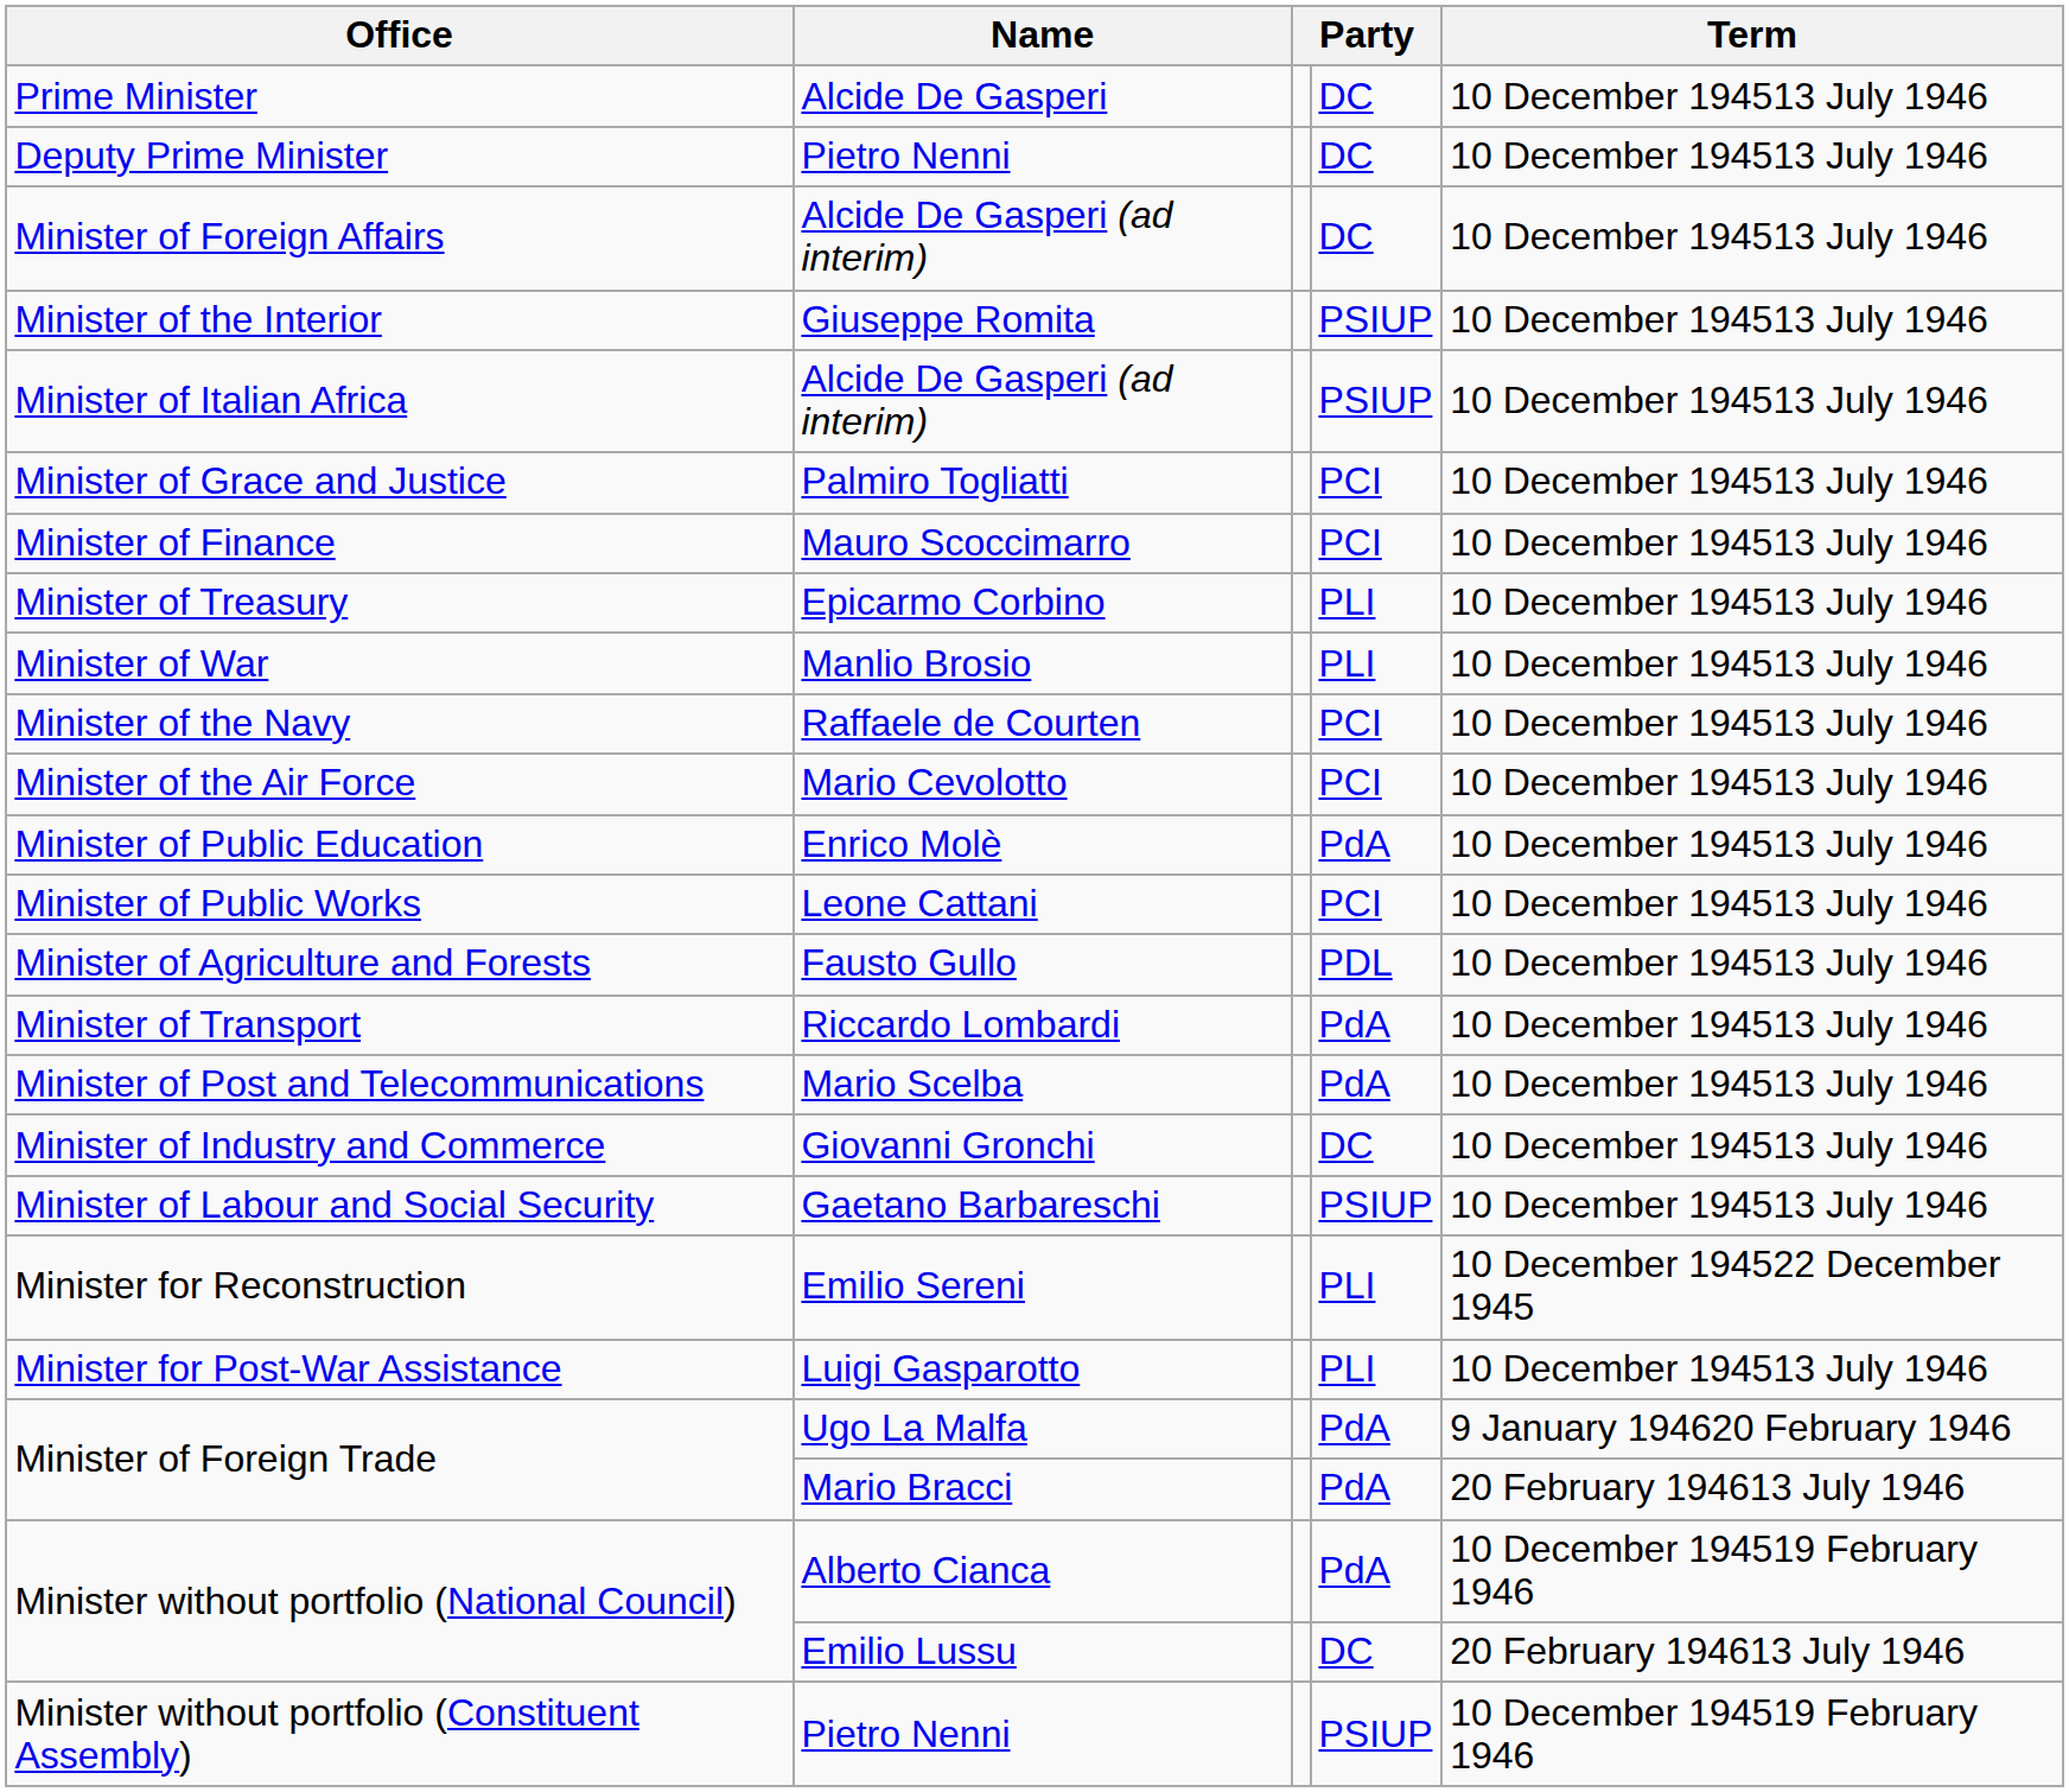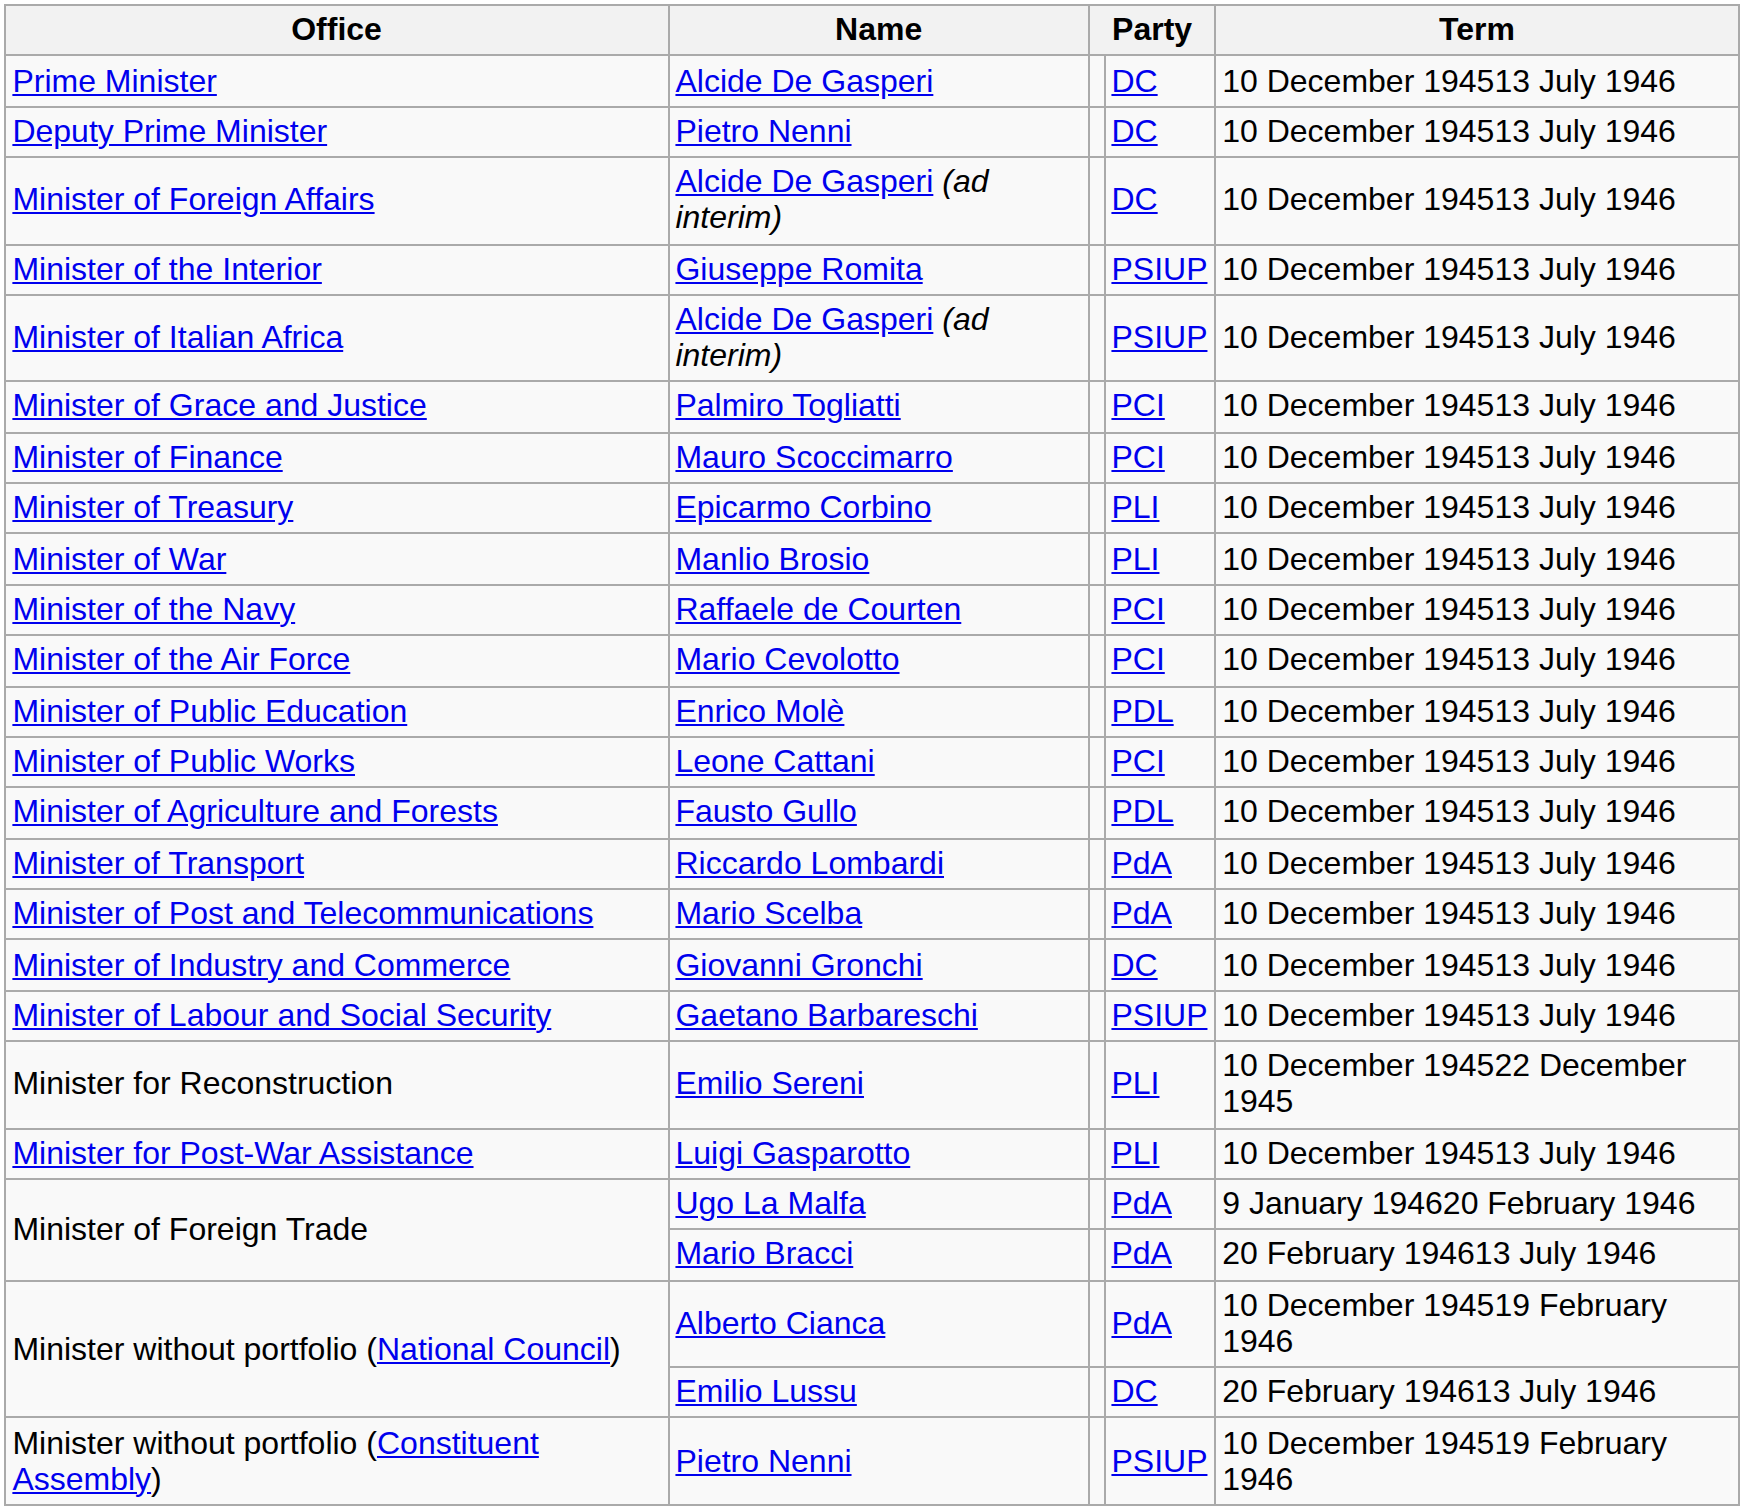 <table class="wikitable">
 <tr>
 <th>Office</th>
 <th>Name</th>
 <th colspan=2>Party</th>
 <th>Term</th>
 </tr>
 <tr>
 <td><a href='#'>Prime Minister</a></td>
 <td><a href='#'>Alcide De Gasperi</a></td>
 <td></td>
 <td><a href='#'>DC</a></td>
 <td>10 December 194513 July 1946</td>
 </tr>
 <tr>
 <td><a href='#'>Deputy Prime Minister</a></td>
 <td><a href='#'>Pietro Nenni</a></td>
 <td></td>
 <td><a href='#'>DC</a></td>
 <td>10 December 194513 July 1946</td>
 </tr>
 <tr>
 <td><a href='#'>Minister of Foreign Affairs</a></td>
 <td><a href='#'>Alcide De Gasperi</a> <em>(ad interim)</em></td>
 <td></td>
 <td><a href='#'>DC</a></td>
 <td>10 December 194513 July 1946</td>
 </tr>
 <tr>
 <td><a href='#'>Minister of the Interior</a></td>
 <td><a href='#'>Giuseppe Romita</a></td>
 <td></td>
 <td><a href='#'>PSIUP</a></td>
 <td>10 December 194513 July 1946</td>
 </tr>
 <tr>
 <td><a href='#'>Minister of Italian Africa</a></td>
 <td><a href='#'>Alcide De Gasperi</a> <em>(ad interim)</em></td>
 <td></td>
 <td><a href='#'>PSIUP</a></td>
 <td>10 December 194513 July 1946</td>
 </tr>
 <tr>
 <td><a href='#'>Minister of Grace and Justice</a></td>
 <td><a href='#'>Palmiro Togliatti</a></td>
 <td></td>
 <td><a href='#'>PCI</a></td>
 <td>10 December 194513 July 1946</td>
 </tr>
 <tr>
 <td><a href='#'>Minister of Finance</a></td>
 <td><a href='#'>Mauro Scoccimarro</a></td>
 <td></td>
 <td><a href='#'>PCI</a></td>
 <td>10 December 194513 July 1946</td>
 </tr>
 <tr>
 <td><a href='#'>Minister of Treasury</a></td>
 <td><a href='#'>Epicarmo Corbino</a></td>
 <td></td>
 <td><a href='#'>PLI</a></td>
 <td>10 December 194513 July 1946</td>
 </tr>
 <tr>
 <td><a href='#'>Minister of War</a></td>
 <td><a href='#'>Manlio Brosio</a></td>
 <td></td>
 <td><a href='#'>PLI</a></td>
 <td>10 December 194513 July 1946</td>
 </tr>
 <tr>
 <td><a href='#'>Minister of the Navy</a></td>
 <td><a href='#'>Raffaele de Courten</a></td>
 <td style="color:inherit;background:"></td>
 <td><a href='#'>PCI</a></td>
 <td>10 December 194513 July 1946</td>
 </tr>
 <tr>
 <td><a href='#'>Minister of the Air Force</a></td>
 <td><a href='#'>Mario Cevolotto</a></td>
 <td></td>
 <td><a href='#'>PCI</a></td>
 <td>10 December 194513 July 1946</td>
 </tr>
 <tr>
 <td><a href='#'>Minister of Public Education</a></td>
 <td><a href='#'>Enrico Molè</a></td>
 <td></td>
-<td><a href='#'>PdA</a></td>
+<td><a href='#'>PDL</a></td>
 <td>10 December 194513 July 1946</td>
 </tr>
 <tr>
 <td><a href='#'>Minister of Public Works</a></td>
 <td><a href='#'>Leone Cattani</a></td>
 <td></td>
 <td><a href='#'>PCI</a></td>
 <td>10 December 194513 July 1946</td>
 </tr>
 <tr>
 <td><a href='#'>Minister of Agriculture and Forests</a></td>
 <td><a href='#'>Fausto Gullo</a></td>
 <td></td>
 <td><a href='#'>PDL</a></td>
 <td>10 December 194513 July 1946</td>
 </tr>
 <tr>
 <td><a href='#'>Minister of Transport</a></td>
 <td><a href='#'>Riccardo Lombardi</a></td>
 <td></td>
 <td><a href='#'>PdA</a></td>
 <td>10 December 194513 July 1946</td>
 </tr>
 <tr>
 <td><a href='#'>Minister of Post and Telecommunications</a></td>
 <td><a href='#'>Mario Scelba</a></td>
 <td></td>
 <td><a href='#'>PdA</a></td>
 <td>10 December 194513 July 1946</td>
 </tr>
 <tr>
 <td><a href='#'>Minister of Industry and Commerce</a></td>
 <td><a href='#'>Giovanni Gronchi</a></td>
 <td></td>
 <td><a href='#'>DC</a></td>
 <td>10 December 194513 July 1946</td>
 </tr>
 <tr>
 <td><a href='#'>Minister of Labour and Social Security</a></td>
 <td><a href='#'>Gaetano Barbareschi</a></td>
 <td></td>
 <td><a href='#'>PSIUP</a></td>
 <td>10 December 194513 July 1946</td>
 </tr>
 <tr>
 <td>Minister for Reconstruction</td>
 <td><a href='#'>Emilio Sereni</a></td>
 <td></td>
 <td><a href='#'>PLI</a></td>
 <td>10 December 194522 December 1945</td>
 </tr>
 <tr>
 <td><a href='#'>Minister for Post-War Assistance</a></td>
 <td><a href='#'>Luigi Gasparotto</a></td>
 <td></td>
 <td><a href='#'>PLI</a></td>
 <td>10 December 194513 July 1946</td>
 </tr>
 <tr>
 <td rowspan=2>Minister of Foreign Trade</td>
 <td><a href='#'>Ugo La Malfa</a></td>
 <td></td>
 <td><a href='#'>PdA</a></td>
 <td>9 January 194620 February 1946</td>
 </tr>
 <tr>
 <td><a href='#'>Mario Bracci</a></td>
 <td></td>
 <td><a href='#'>PdA</a></td>
 <td>20 February 194613 July 1946</td>
 </tr>
 <tr>
 <td rowspan=2>Minister without portfolio (<a href='#'>National Council</a>)</td>
 <td><a href='#'>Alberto Cianca</a></td>
 <td></td>
 <td><a href='#'>PdA</a></td>
 <td>10 December 194519 February 1946</td>
 </tr>
 <tr>
 <td><a href='#'>Emilio Lussu</a></td>
 <td></td>
 <td><a href='#'>DC</a></td>
 <td>20 February 194613 July 1946</td>
 </tr>
 <tr>
 <td>Minister without portfolio (<a href='#'>Constituent Assembly</a>)</td>
 <td><a href='#'>Pietro Nenni</a></td>
 <td></td>
 <td><a href='#'>PSIUP</a></td>
 <td>10 December 194519 February 1946</td>
 </tr>
 </table>
